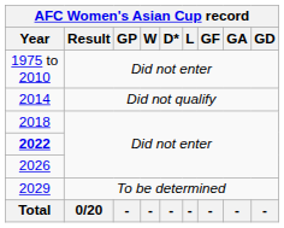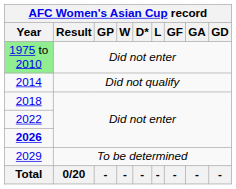 <table class="wikitable" style="text-align: center; width:50%;">
 <tr>
 <th colspan=10><a href='#'>AFC Women's Asian Cup</a> record</th>
 </tr>
 <tr>
 <th>Year</th>
 <th>Result</th>
 <th>GP</th>
 <th>W</th>
 <th>D*</th>
 <th>L</th>
 <th>GF</th>
 <th>GA</th>
 <th>GD</th>
 </tr>
 <tr>
-<td> <a href='#'>1975</a> to  <a href='#'>2010</a></td>
+<td style="background: lightgreen;"> <a href='#'>1975</a> to  <a href='#'>2010</a></td>
 <td colspan=8><em>Did not enter</em></td>
 </tr>
 <tr>
 <td> <a href='#'>2014</a></td>
 <td colspan=9><em>Did not qualify</em></td>
 </tr>
 <tr>
 <td> <a href='#'>2018</a></td>
 <td colspan=9 rowspan=3><em>Did not enter</em></td>
 </tr>
 <tr>
-<td><strong> <a href='#'>2022</a></strong></td>
+<td> <a href='#'>2022</a></td>
 </tr>
 <tr>
-<td> <a href='#'>2026</a></td>
+<td><strong> <a href='#'>2026</a></strong></td>
 </tr>
 <tr>
 <td> <a href='#'>2029</a></td>
 <td colspan=9><em>To be determined </em></td>
 </tr>
 <tr>
 <th>Total</th>
 <th>0/20</th>
 <th>-</th>
 <th>-</th>
 <th>-</th>
 <th>-</th>
 <th>-</th>
 <th>-</th>
 <th>-</th>
 </tr>
 </table>
